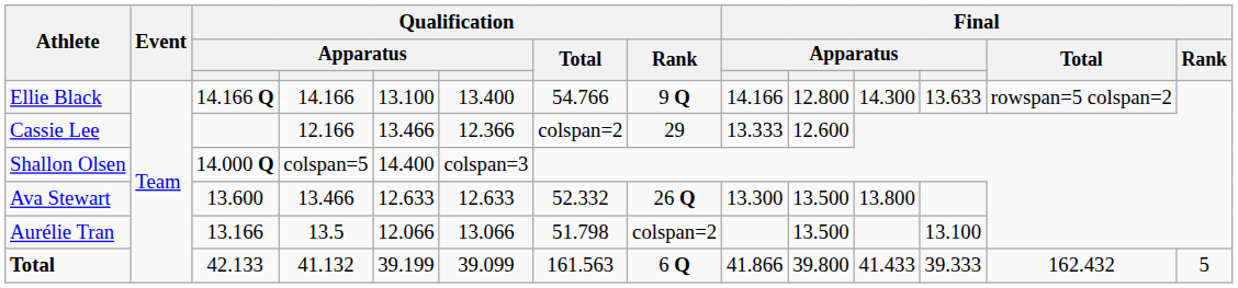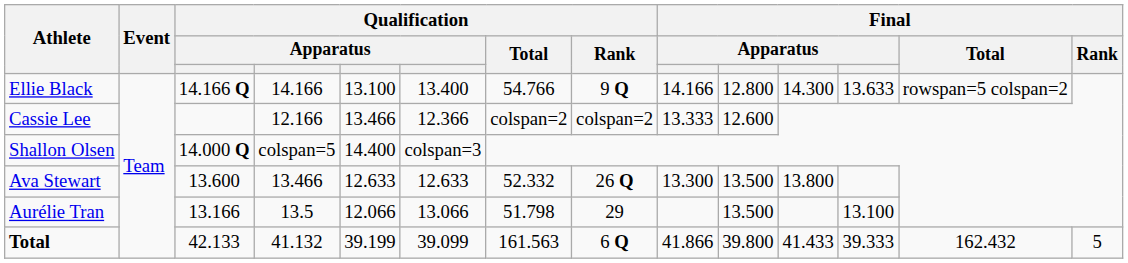 <table class=wikitable style="font-size:90%">
 <tr>
 <th rowspan=3>Athlete</th>
 <th rowspan=3>Event</th>
 <th colspan=6>Qualification</th>
 <th colspan=6>Final</th>
 </tr>
 <tr style="font-size:95%">
 <th colspan=4>Apparatus</th>
 <th rowspan=2>Total</th>
 <th rowspan=2>Rank</th>
 <th colspan=4>Apparatus</th>
 <th rowspan=2>Total</th>
 <th rowspan=2>Rank</th>
 </tr>
 <tr style="font-size:95%">
 <th></th>
 <th></th>
 <th></th>
 <th></th>
 <th></th>
 <th></th>
 <th></th>
 <th></th>
 </tr>
 <tr align=center>
 <td align=left><a href='#'>Ellie Black</a></td>
 <td align=left rowspan=6><a href='#'>Team</a></td>
 <td>14.166 <strong>Q</strong></td>
 <td>14.166</td>
 <td>13.100</td>
 <td>13.400</td>
 <td>54.766</td>
 <td>9 <strong>Q</strong></td>
 <td>14.166</td>
 <td>12.800</td>
 <td>14.300</td>
 <td>13.633</td>
 <td>rowspan=5 colspan=2 </td>
 </tr>
 <tr align=center>
 <td align=left><a href='#'>Cassie Lee</a></td>
 <td></td>
 <td>12.166</td>
 <td>13.466</td>
 <td>12.366</td>
 <td>colspan=2 </td>
-<td>29</td>
+<td>colspan=2 </td>
 <td>13.333</td>
 <td>12.600</td>
 </tr>
 <tr align=center>
 <td align=left><a href='#'>Shallon Olsen</a></td>
 <td>14.000 <strong>Q</strong></td>
 <td>colspan=5 </td>
 <td>14.400</td>
 <td>colspan=3 </td>
 </tr>
 <tr align=center>
 <td align=left><a href='#'>Ava Stewart</a></td>
 <td>13.600</td>
 <td>13.466</td>
 <td>12.633</td>
 <td>12.633</td>
 <td>52.332</td>
 <td>26 <strong>Q</strong></td>
 <td>13.300</td>
 <td>13.500</td>
 <td>13.800</td>
 <td></td>
 </tr>
 <tr align=center>
 <td align=left><a href='#'>Aurélie Tran</a></td>
 <td>13.166</td>
 <td>13.5</td>
 <td>12.066</td>
 <td>13.066</td>
 <td>51.798</td>
-<td>colspan=2 </td>
+<td>29</td>
 <td></td>
 <td>13.500</td>
 <td></td>
 <td>13.100</td>
 </tr>
 <tr align=center>
 <td align=left><strong>Total</strong></td>
 <td>42.133</td>
 <td>41.132</td>
 <td>39.199</td>
 <td>39.099</td>
 <td>161.563</td>
 <td>6 <strong>Q</strong></td>
 <td>41.866</td>
 <td>39.800</td>
 <td>41.433</td>
 <td>39.333</td>
 <td>162.432</td>
 <td>5</td>
 </tr>
 </table>
